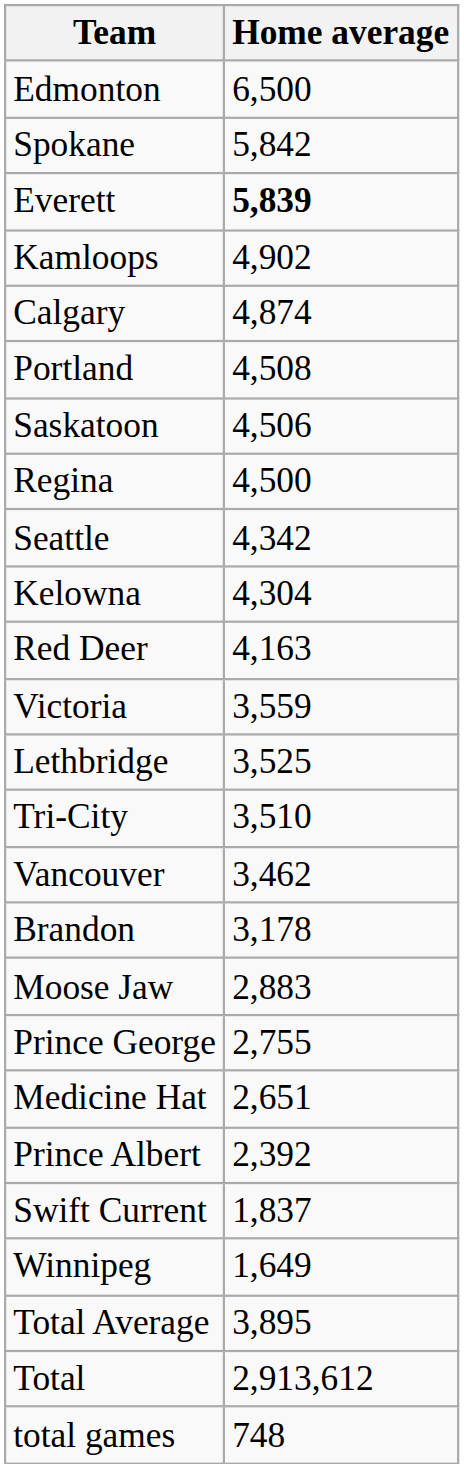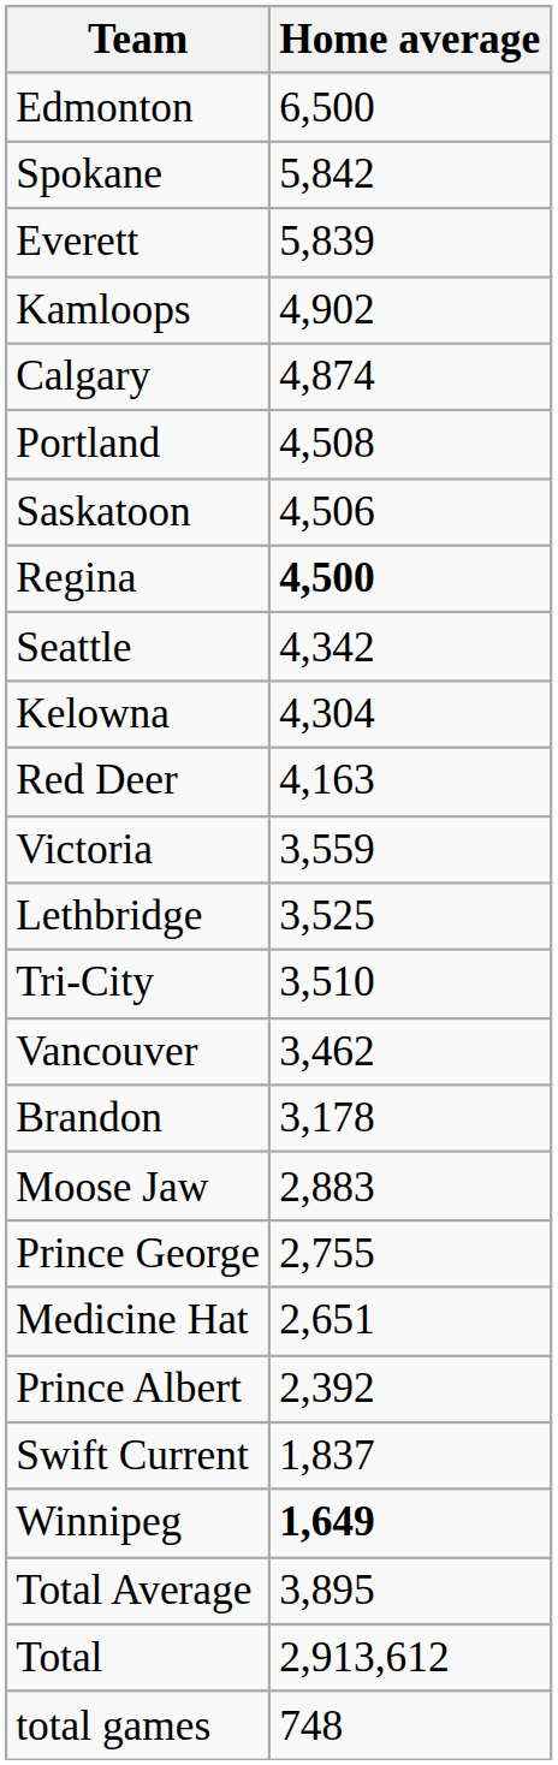 <table class="wikitable">
 <tr>
 <th>Team</th>
 <th>Home average</th>
 </tr>
 <tr>
 <td>Edmonton</td>
 <td>6,500</td>
 </tr>
 <tr>
 <td>Spokane</td>
 <td>5,842</td>
 </tr>
 <tr>
 <td>Everett</td>
-<td><strong>5,839</strong></td>
+<td>5,839</td>
 </tr>
 <tr>
 <td>Kamloops</td>
 <td>4,902</td>
 </tr>
 <tr>
 <td>Calgary</td>
 <td>4,874</td>
 </tr>
 <tr>
 <td>Portland</td>
 <td>4,508</td>
 </tr>
 <tr>
 <td>Saskatoon</td>
 <td>4,506</td>
 </tr>
 <tr>
 <td>Regina</td>
-<td>4,500</td>
+<td><strong>4,500</strong></td>
 </tr>
 <tr>
 <td>Seattle</td>
 <td>4,342</td>
 </tr>
 <tr>
 <td>Kelowna</td>
 <td>4,304</td>
 </tr>
 <tr>
 <td>Red Deer</td>
 <td>4,163</td>
 </tr>
 <tr>
 <td>Victoria</td>
 <td>3,559</td>
 </tr>
 <tr>
 <td>Lethbridge</td>
 <td>3,525</td>
 </tr>
 <tr>
 <td>Tri-City</td>
 <td>3,510</td>
 </tr>
 <tr>
 <td>Vancouver</td>
 <td>3,462</td>
 </tr>
 <tr>
 <td>Brandon</td>
 <td>3,178</td>
 </tr>
 <tr>
 <td>Moose Jaw</td>
 <td>2,883</td>
 </tr>
 <tr>
 <td>Prince George</td>
 <td>2,755</td>
 </tr>
 <tr>
 <td>Medicine Hat</td>
 <td>2,651</td>
 </tr>
 <tr>
 <td>Prince Albert</td>
 <td>2,392</td>
 </tr>
 <tr>
 <td>Swift Current</td>
 <td>1,837</td>
 </tr>
 <tr>
 <td>Winnipeg</td>
-<td>1,649</td>
+<td><strong>1,649</strong></td>
 </tr>
 <tr>
 <td>Total Average</td>
 <td>3,895</td>
 </tr>
 <tr>
 <td>Total</td>
 <td>2,913,612</td>
 </tr>
 <tr>
 <td>total games</td>
 <td>748</td>
 </tr>
 </table>
